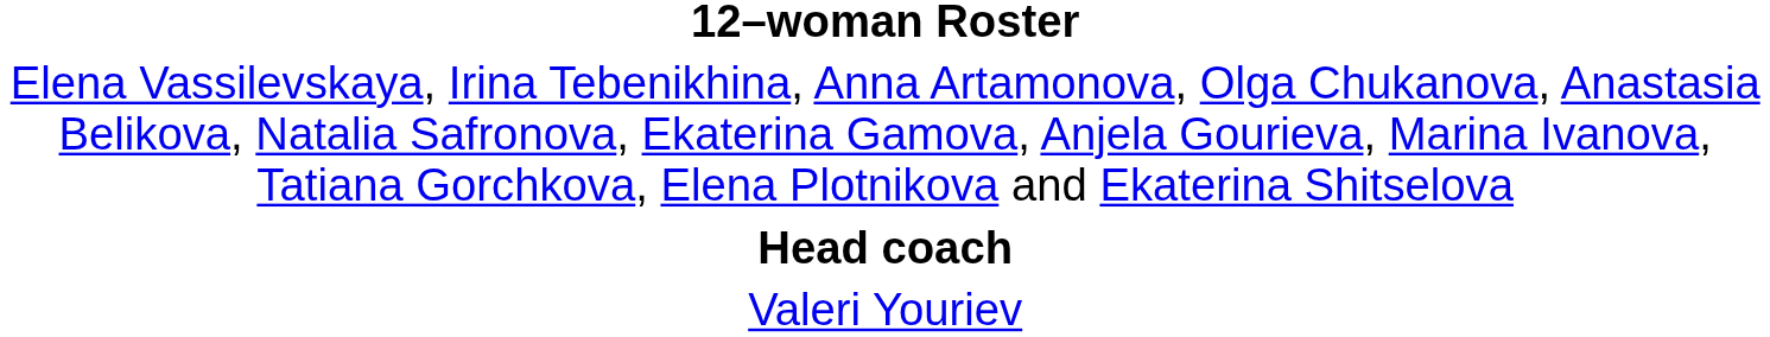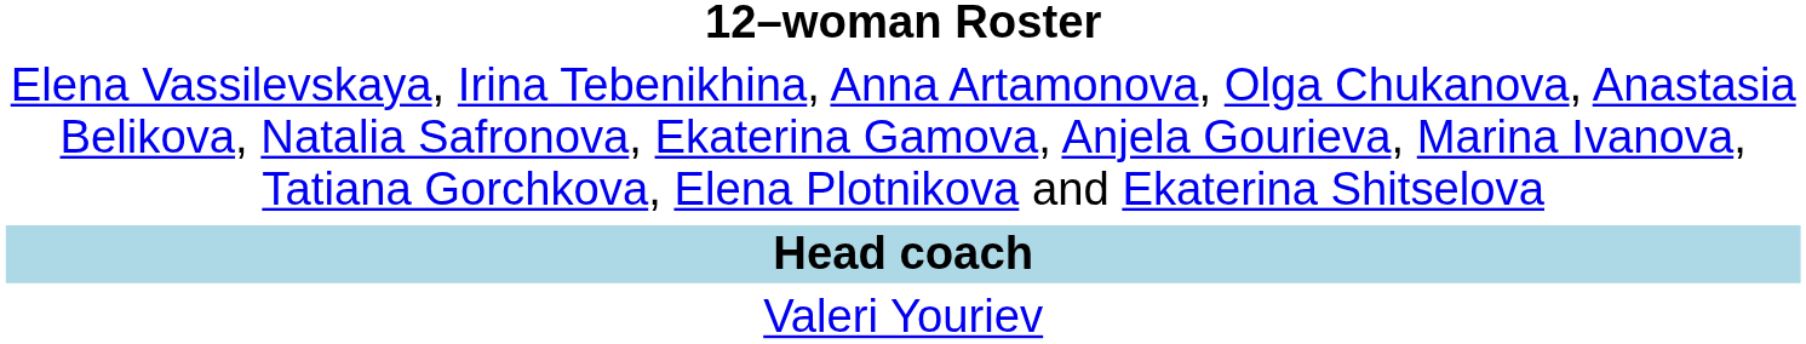 <table style="text-align: center; margin-top: 2em; margin-left: auto; margin-right: auto">
 <tr>
 <td><strong>12–woman Roster</strong></td>
 </tr>
 <tr>
 <td><a href='#'>Elena Vassilevskaya</a>, <a href='#'>Irina Tebenikhina</a>,  <a href='#'>Anna Artamonova</a>, <a href='#'>Olga Chukanova</a>, <a href='#'>Anastasia Belikova</a>, <a href='#'>Natalia Safronova</a>, <a href='#'>Ekaterina Gamova</a>, <a href='#'>Anjela Gourieva</a>, <a href='#'>Marina Ivanova</a>, <a href='#'>Tatiana Gorchkova</a>, <a href='#'>Elena Plotnikova</a> and <a href='#'>Ekaterina Shitselova</a></td>
 </tr>
 <tr>
-<td><strong>Head coach</strong></td>
+<td style="background: lightblue;"><strong>Head coach</strong></td>
 </tr>
 <tr>
 <td><a href='#'>Valeri Youriev</a></td>
 </tr>
 </table>
